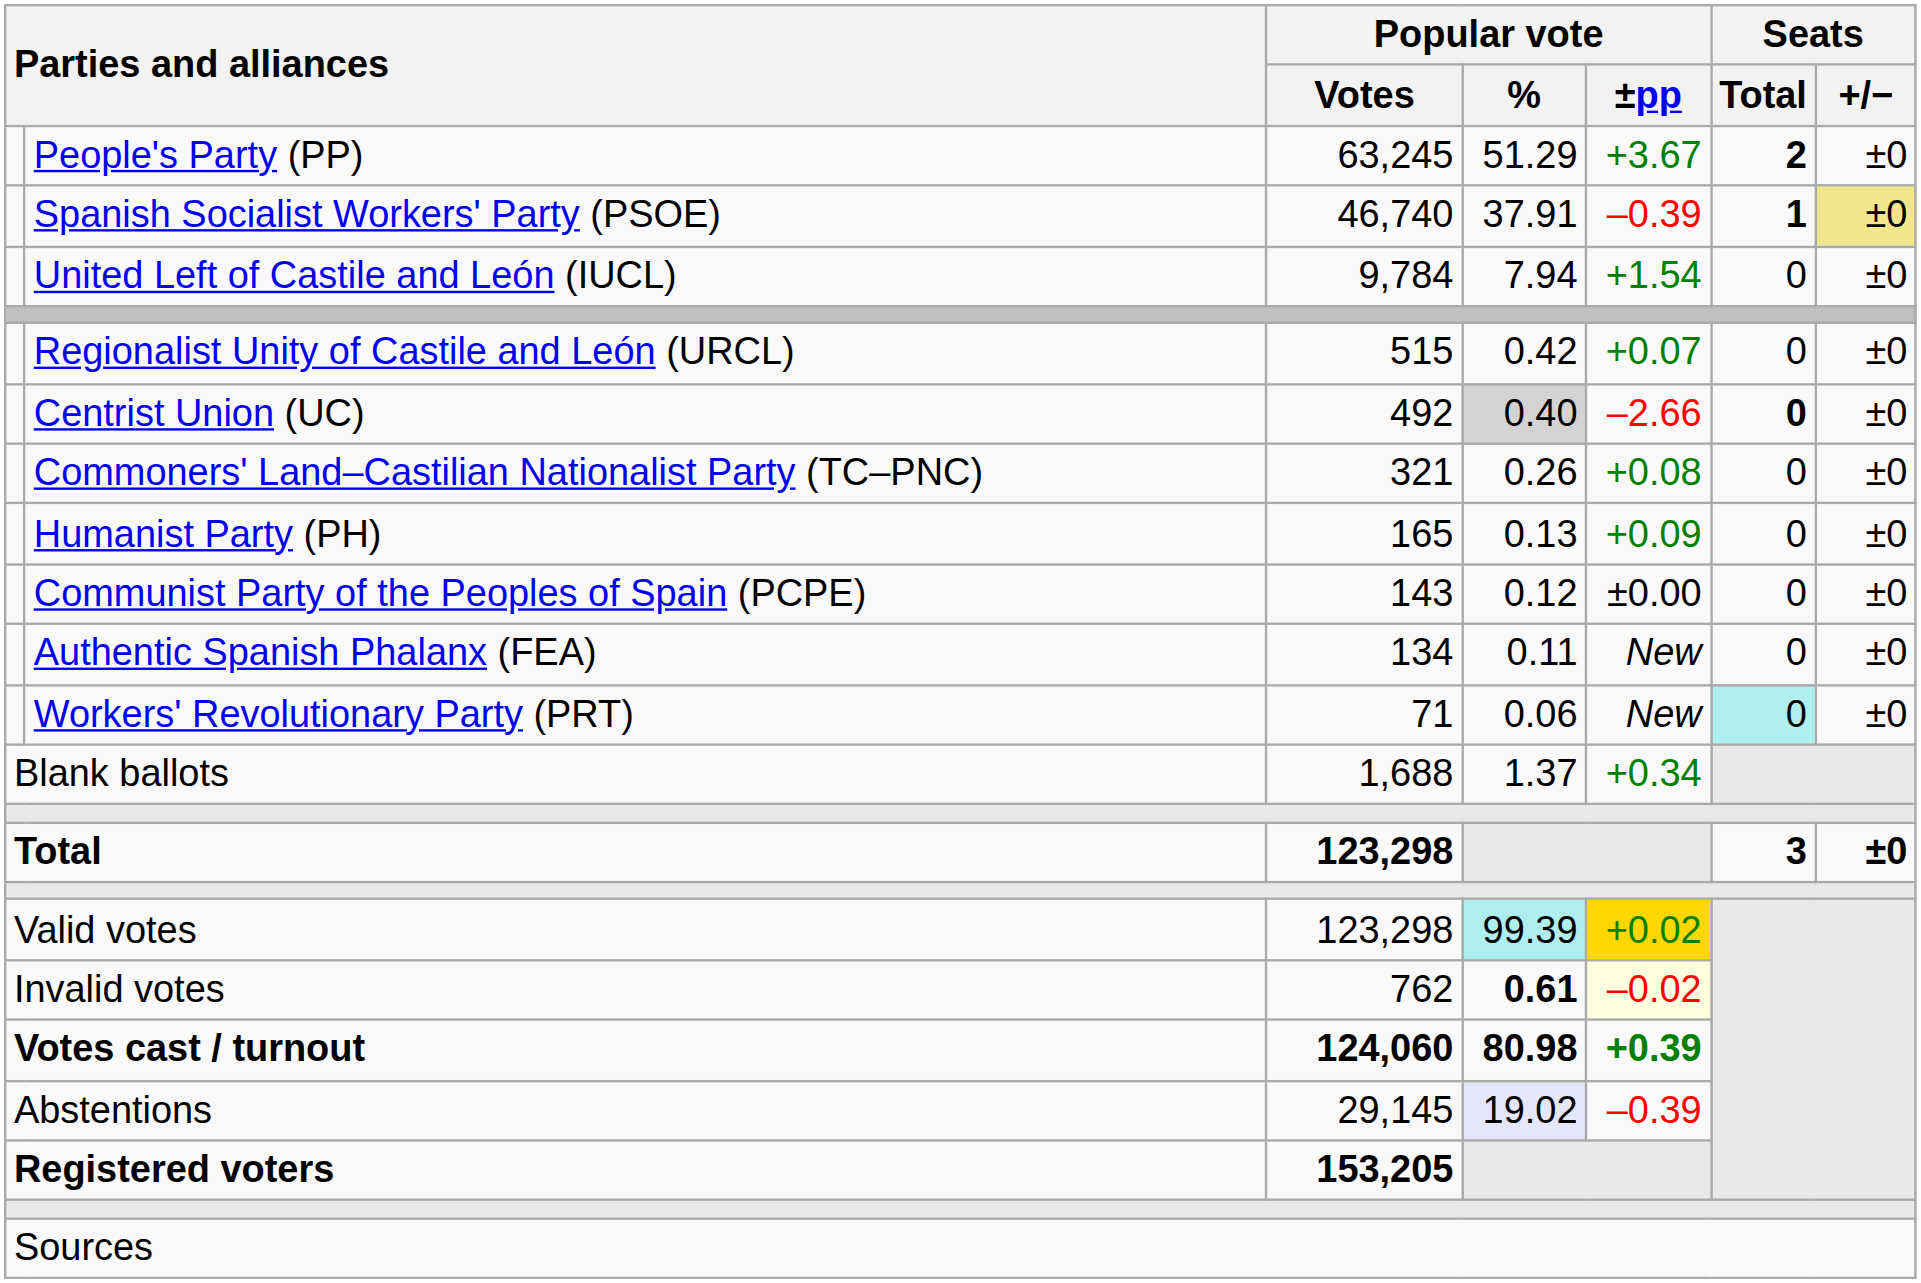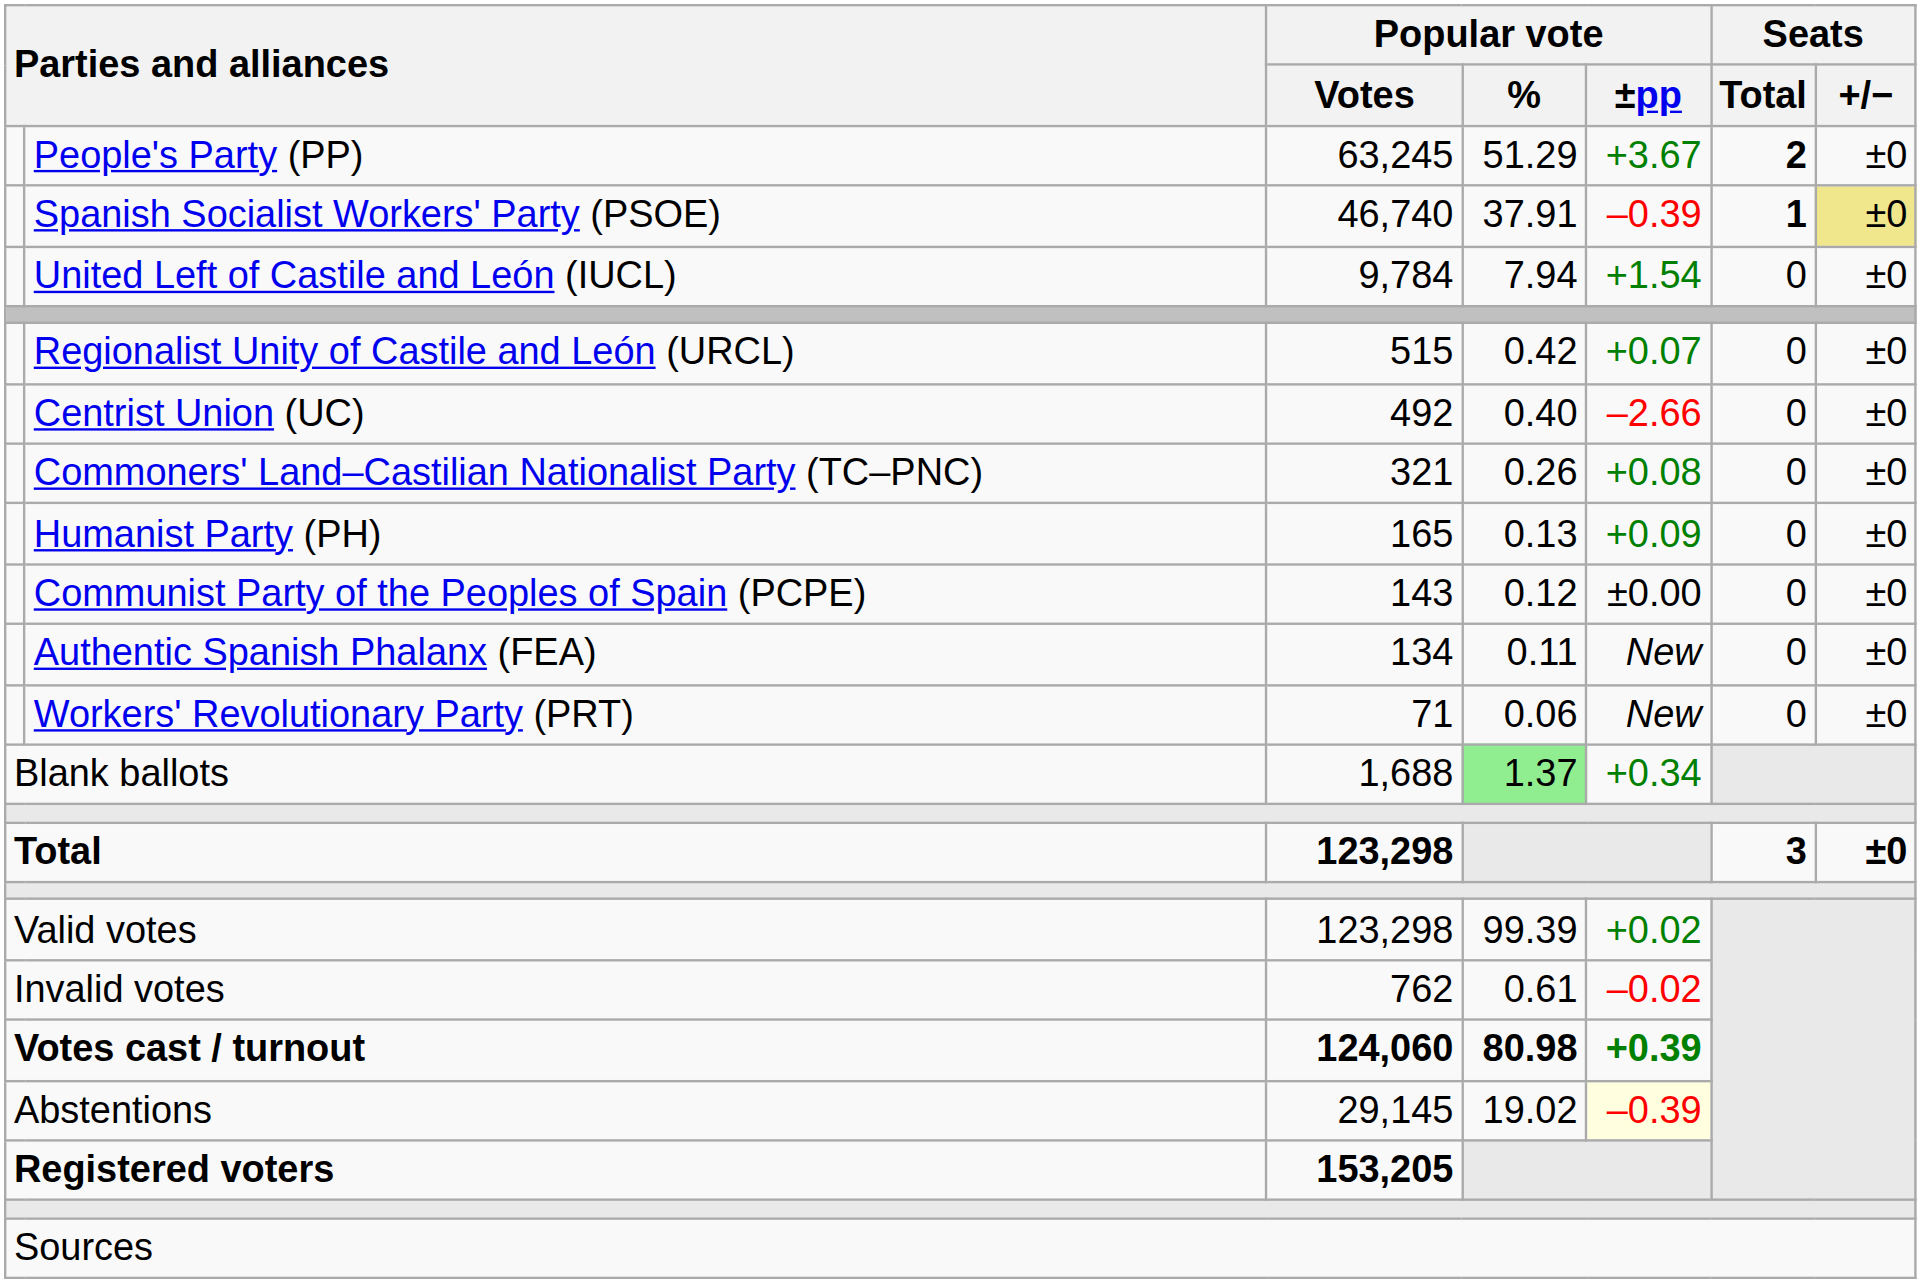 <table class="wikitable" style="text-align:right;">
 <tr>
 <th style="text-align:left;" rowspan="2" colspan="2" width="525">Parties and alliances</th>
 <th colspan="3">Popular vote</th>
 <th colspan="2">Seats</th>
 </tr>
 <tr>
 <th width="75">Votes</th>
 <th width="45">%</th>
 <th width="45">±<a href='#'>pp</a></th>
 <th width="35">Total</th>
 <th width="35">+/−</th>
 </tr>
 <tr>
 <td width="1" style="color:inherit;background:"></td>
 <td align="left"><a href='#'>People's Party</a> (PP)</td>
 <td>63,245</td>
 <td>51.29</td>
 <td style="color:green;">+3.67</td>
 <td><strong>2</strong></td>
 <td>±0</td>
 </tr>
 <tr>
 <td style="color:inherit;background:"></td>
 <td align="left"><a href='#'>Spanish Socialist Workers' Party</a> (PSOE)</td>
 <td>46,740</td>
 <td>37.91</td>
 <td style="color:red;">–0.39</td>
 <td><strong>1</strong></td>
 <td style="background: khaki;">±0</td>
 </tr>
 <tr>
 <td style="color:inherit;background:"></td>
 <td align="left"><a href='#'>United Left of Castile and León</a> (IUCL)</td>
 <td>9,784</td>
 <td>7.94</td>
 <td style="color:green;">+1.54</td>
 <td>0</td>
 <td>±0</td>
 </tr>
 <tr>
 <td colspan="7" bgcolor="#C0C0C0"></td>
 </tr>
 <tr>
 <td style="color:inherit;background:"></td>
 <td align="left"><a href='#'>Regionalist Unity of Castile and León</a> (URCL)</td>
 <td>515</td>
 <td>0.42</td>
 <td style="color:green;">+0.07</td>
 <td>0</td>
 <td>±0</td>
 </tr>
 <tr>
 <td style="color:inherit;background:"></td>
 <td align="left"><a href='#'>Centrist Union</a> (UC)</td>
 <td>492</td>
-<td style="background: lightgrey;">0.40</td>
+<td>0.40</td>
 <td style="color:red;">–2.66</td>
-<td><strong>0</strong></td>
+<td>0</td>
 <td>±0</td>
 </tr>
 <tr>
 <td style="color:inherit;background:"></td>
 <td align="left"><a href='#'>Commoners' Land–Castilian Nationalist Party</a> (TC–PNC)</td>
 <td>321</td>
 <td>0.26</td>
 <td style="color:green;">+0.08</td>
 <td>0</td>
 <td>±0</td>
 </tr>
 <tr>
 <td style="color:inherit;background:"></td>
 <td align="left"><a href='#'>Humanist Party</a> (PH)</td>
 <td>165</td>
 <td>0.13</td>
 <td style="color:green;">+0.09</td>
 <td>0</td>
 <td>±0</td>
 </tr>
 <tr>
 <td style="color:inherit;background:"></td>
 <td align="left"><a href='#'>Communist Party of the Peoples of Spain</a> (PCPE)</td>
 <td>143</td>
 <td>0.12</td>
 <td>±0.00</td>
 <td>0</td>
 <td>±0</td>
 </tr>
 <tr>
 <td style="color:inherit;background:"></td>
 <td align="left"><a href='#'>Authentic Spanish Phalanx</a> (FEA)</td>
 <td>134</td>
 <td>0.11</td>
 <td><em>New</em></td>
 <td>0</td>
 <td>±0</td>
 </tr>
 <tr>
 <td style="color:inherit;background:"></td>
 <td align="left"><a href='#'>Workers' Revolutionary Party</a> (PRT)</td>
 <td>71</td>
 <td>0.06</td>
 <td><em>New</em></td>
-<td style="background: paleturquoise;">0</td>
+<td>0</td>
 <td>±0</td>
 </tr>
 <tr>
 <td align="left" colspan="2">Blank ballots</td>
 <td>1,688</td>
-<td>1.37</td>
+<td style="background: lightgreen;">1.37</td>
 <td style="color:green;">+0.34</td>
 <td bgcolor="#E9E9E9" colspan="2"></td>
 </tr>
 <tr>
 <td colspan="7" bgcolor="#E9E9E9"></td>
 </tr>
 <tr style="font-weight:bold;">
 <td align="left" colspan="2">Total</td>
 <td>123,298</td>
 <td bgcolor="#E9E9E9" colspan="2"></td>
 <td>3</td>
 <td>±0</td>
 </tr>
 <tr>
 <td colspan="7" bgcolor="#E9E9E9"></td>
 </tr>
 <tr>
 <td align="left" colspan="2">Valid votes</td>
 <td>123,298</td>
-<td style="background: paleturquoise;">99.39</td>
-<td style="background: gold; color:green;">+0.02</td>
+<td>99.39</td>
+<td style="color:green;">+0.02</td>
 <td bgcolor="#E9E9E9" colspan="2" rowspan="5"></td>
 </tr>
 <tr>
 <td align="left" colspan="2">Invalid votes</td>
 <td>762</td>
-<td><strong>0.61</strong></td>
-<td style="background: lightyellow; color:red;">–0.02</td>
+<td>0.61</td>
+<td style="color:red;">–0.02</td>
 </tr>
 <tr style="font-weight:bold;">
 <td align="left" colspan="2">Votes cast / turnout</td>
 <td>124,060</td>
 <td>80.98</td>
 <td style="color:green;">+0.39</td>
 </tr>
 <tr>
 <td align="left" colspan="2">Abstentions</td>
 <td>29,145</td>
-<td style="background: lavender;">19.02</td>
-<td style="color:red;">–0.39</td>
+<td>19.02</td>
+<td style="background: lightyellow; color:red;">–0.39</td>
 </tr>
 <tr style="font-weight:bold;">
 <td align="left" colspan="2">Registered voters</td>
 <td>153,205</td>
 <td bgcolor="#E9E9E9" colspan="2"></td>
 </tr>
 <tr>
 <td colspan="7" bgcolor="#E9E9E9"></td>
 </tr>
 <tr>
 <td align="left" colspan="7">Sources</td>
 </tr>
 </table>
